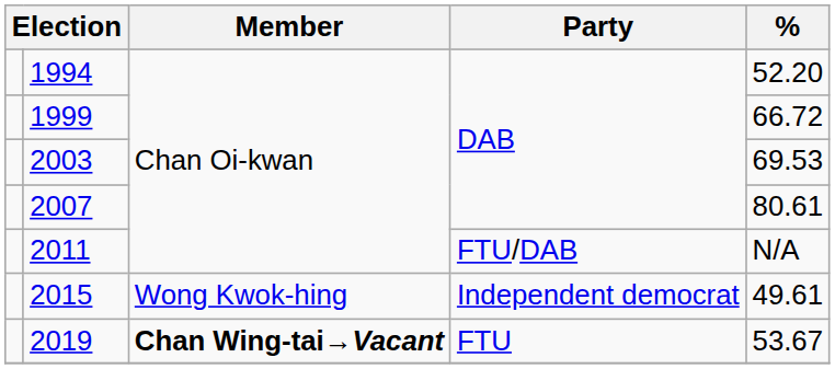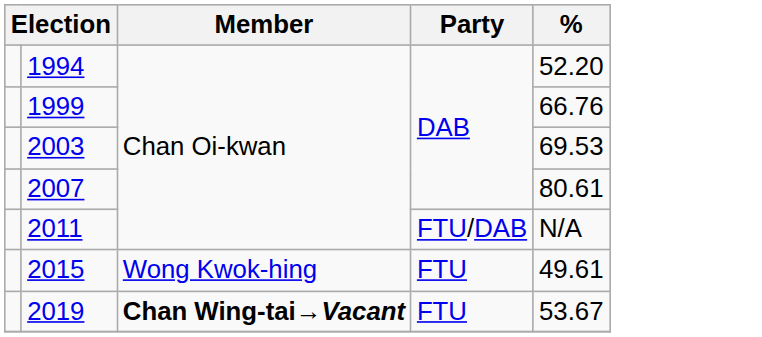 <table class="wikitable">
 <tr>
 <th colspan="2">Election</th>
 <th>Member</th>
 <th>Party</th>
 <th>%</th>
 </tr>
 <tr>
 <td style="background-color: "></td>
 <td><a href='#'>1994</a></td>
 <td rowspan=5>Chan Oi-kwan</td>
 <td rowspan=4><a href='#'>DAB</a></td>
 <td>52.20</td>
 </tr>
 <tr>
 <td style="background-color: "></td>
 <td><a href='#'>1999</a></td>
-<td>66.72</td>
+<td>66.76</td>
 </tr>
 <tr>
 <td style="background-color: "></td>
 <td><a href='#'>2003</a></td>
 <td>69.53</td>
 </tr>
 <tr>
 <td style="background-color: "></td>
 <td><a href='#'>2007</a></td>
 <td>80.61</td>
 </tr>
 <tr>
 <td style="background-color: "></td>
 <td><a href='#'>2011</a></td>
 <td><a href='#'>FTU</a>/<a href='#'>DAB</a></td>
 <td>N/A</td>
 </tr>
 <tr>
 <td style="background-color: "></td>
 <td><a href='#'>2015</a></td>
 <td><a href='#'>Wong Kwok-hing</a></td>
-<td><a href='#'>Independent democrat</a></td>
+<td><a href='#'>FTU</a></td>
 <td>49.61</td>
 </tr>
 <tr>
 <td style="background-color: "></td>
 <td><a href='#'>2019</a></td>
 <td><strong>Chan Wing-tai→<em>Vacant</em></strong></td>
 <td><a href='#'>FTU</a></td>
 <td>53.67</td>
 </tr>
 <tr>
 </tr>
 </table>
